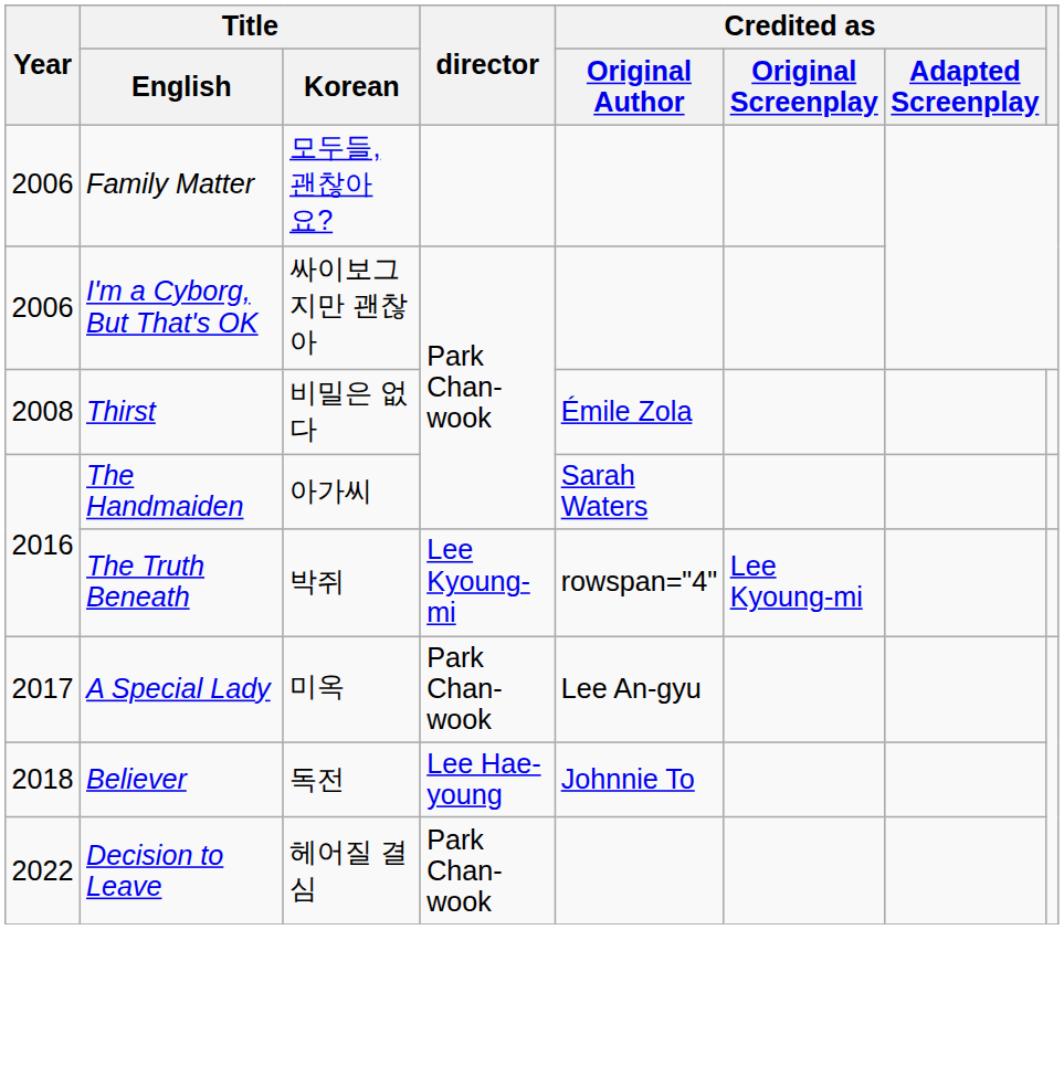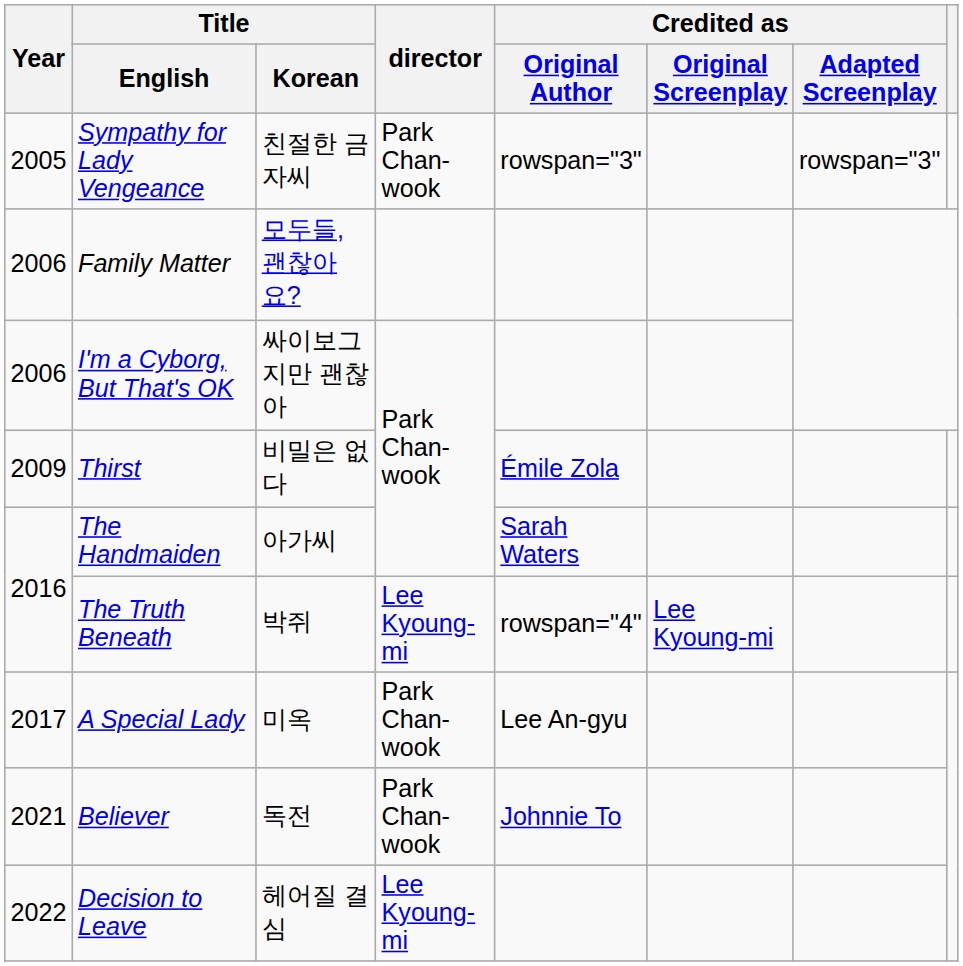 <table class="wikitable sortable">
 <tr>
 <th rowspan="2">Year</th>
 <th colspan="2">Title</th>
 <th rowspan="2">director</th>
 <th colspan="3" width="35%">Credited as</th>
 <th rowspan="2" scope="col" class="unsortable"></th>
 </tr>
 <tr>
 <th>English</th>
 <th>Korean</th>
 <th class="unsortable"><a href='#'>Original Author</a></th>
 <th class="unsortable"><a href='#'>Original Screenplay</a></th>
 <th class="unsortable"><a href='#'>Adapted Screenplay</a></th>
+</tr>
+<tr>
+<td>2005</td>
+<td><em><a href='#'>Sympathy for Lady Vengeance</a></em></td>
+<td>친절한 금자씨</td>
+<td>Park Chan-wook</td>
+<td>rowspan="3" </td>
+<td></td>
+<td>rowspan="3" </td>
+<td></td>
 </tr>
 <tr>
 <td>2006</td>
 <td><em>Family Matter</em></td>
 <td><a href='#'>모두들, 괜찮아요?</a></td>
 <td></td>
 <td></td>
 <td></td>
 </tr>
 <tr>
 <td>2006</td>
 <td><em><a href='#'>I'm a Cyborg, But That's OK</a></em></td>
 <td>싸이보그지만 괜찮아</td>
 <td rowspan="3">Park Chan-wook</td>
 <td></td>
 <td></td>
 </tr>
 <tr>
-<td>2008</td>
+<td>2009</td>
 <td><em><a href='#'>Thirst</a></em></td>
 <td>비밀은 없다</td>
 <td><a href='#'>Émile Zola</a></td>
 <td></td>
 <td></td>
 <td></td>
 </tr>
 <tr>
 <td rowspan="2">2016</td>
 <td><em><a href='#'>The Handmaiden</a></em></td>
 <td>아가씨</td>
 <td><a href='#'>Sarah Waters</a></td>
 <td></td>
 <td></td>
 <td></td>
 </tr>
 <tr>
 <td><em><a href='#'>The Truth Beneath</a></em></td>
 <td>박쥐</td>
 <td><a href='#'>Lee Kyoung-mi</a></td>
 <td>rowspan="4" </td>
 <td><a href='#'>Lee Kyoung-mi</a></td>
 <td></td>
 <td></td>
 </tr>
 <tr>
 <td>2017</td>
 <td><em><a href='#'>A Special Lady</a></em></td>
 <td>미옥</td>
 <td>Park Chan-wook</td>
 <td>Lee An-gyu</td>
 <td></td>
 <td></td>
 </tr>
 <tr>
-<td>2018</td>
+<td>2021</td>
 <td><a href='#'><em>Believer</em></a></td>
 <td>독전</td>
-<td><a href='#'>Lee Hae-young</a></td>
+<td>Park Chan-wook</td>
 <td><a href='#'>Johnnie To</a></td>
 <td></td>
 <td></td>
 </tr>
 <tr>
 <td>2022</td>
 <td><em><a href='#'>Decision to Leave</a></em></td>
 <td>헤어질 결심</td>
-<td>Park Chan-wook</td>
+<td><a href='#'>Lee Kyoung-mi</a></td>
 <td></td>
 <td></td>
 <td></td>
 </tr>
 </table>
